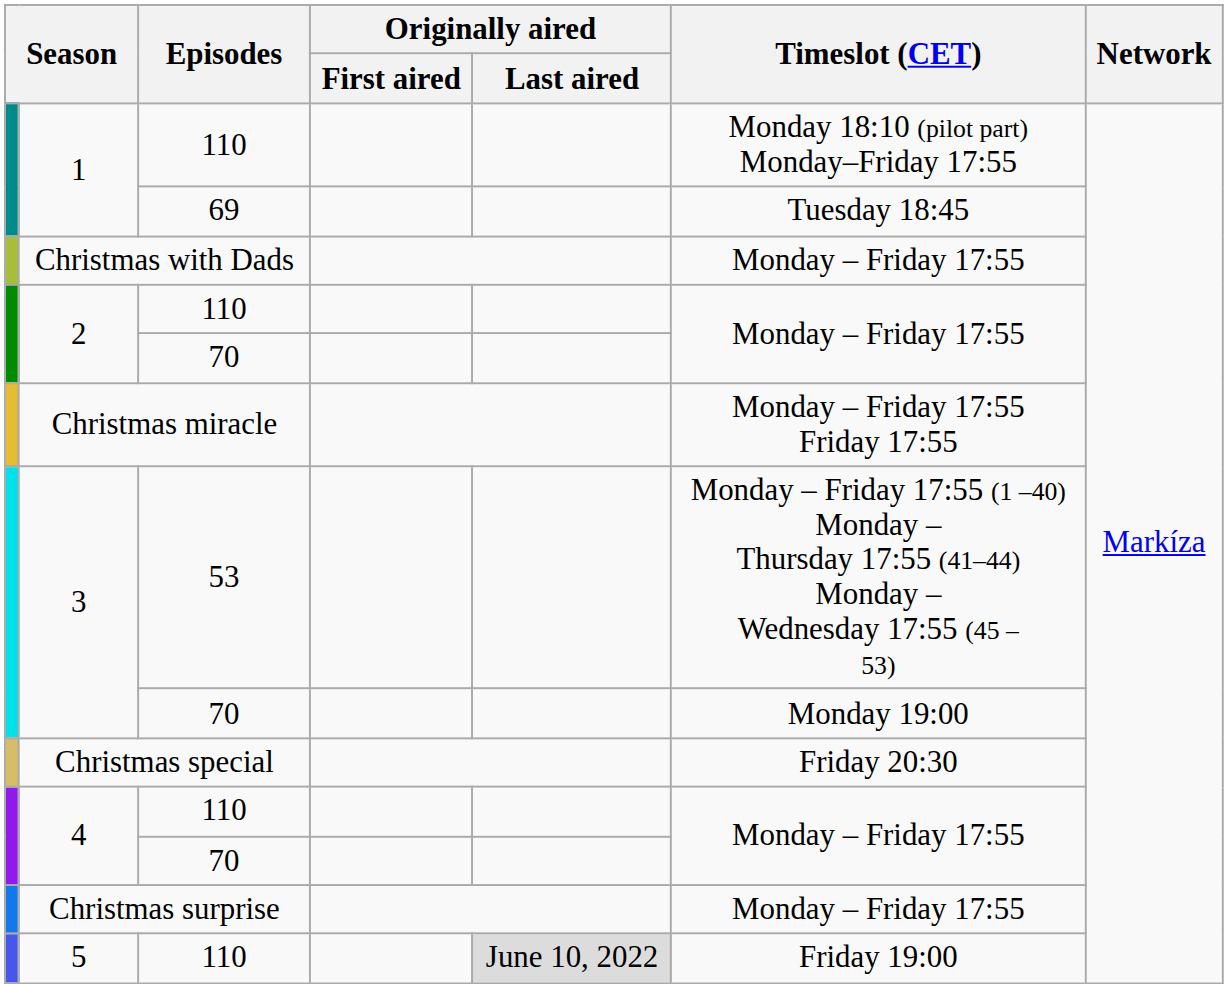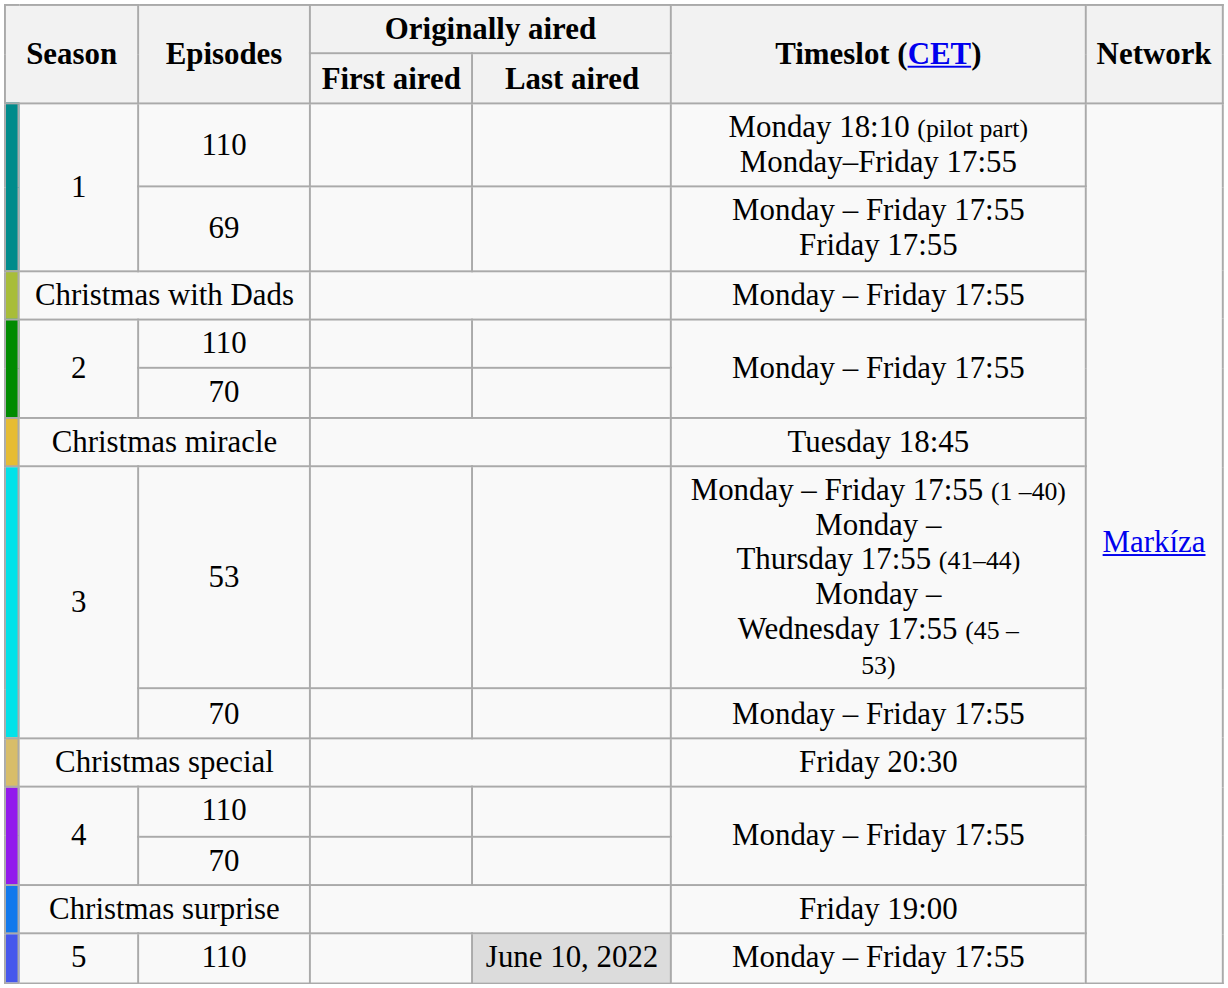 <table class="wikitable" style="width: 50%; text-align:center;">
 <tr>
 <th colspan="2" rowspan="2">Season</th>
 <th rowspan="2">Episodes</th>
 <th colspan="2">Originally aired</th>
 <th rowspan="2">Timeslot (<a href='#'>CET</a>)</th>
 <th rowspan="2">Network</th>
 </tr>
 <tr>
 <th>First aired</th>
 <th>Last aired</th>
 </tr>
 <tr>
 <td rowspan="2" style="background:#008B8B;"></td>
 <td rowspan="2">1</td>
 <td>110</td>
 <td></td>
 <td></td>
 <td>Monday 18:10 <small>(pilot part)</small><br>Monday–Friday 17:55</td>
 <td rowspan="13"><a href='#'>Markíza</a></td>
 </tr>
 <tr>
 <td>69</td>
 <td></td>
 <td></td>
-<td>Tuesday  18:45</td>
+<td>Monday – Friday 17:55<br>Friday 17:55</td>
 </tr>
 <tr>
 <td style="background:#A8BD39; width:1%;"></td>
 <td colspan="2">Christmas with Dads</td>
 <td colspan="2"></td>
 <td>Monday – Friday 17:55</td>
 </tr>
 <tr>
 <td rowspan="2" style="background:#008B00;"></td>
 <td rowspan="2">2</td>
 <td>110</td>
 <td></td>
 <td></td>
 <td rowspan="2">Monday – Friday 17:55</td>
 </tr>
 <tr>
 <td>70</td>
 <td></td>
 <td></td>
 </tr>
 <tr>
 <td style="background:#E6BC32; width:1%;"></td>
 <td colspan="2">Christmas miracle</td>
 <td colspan="2"></td>
-<td>Monday – Friday 17:55<br>Friday 17:55</td>
+<td>Tuesday  18:45</td>
 </tr>
 <tr>
 <td rowspan="2" style="background: #00E2E9; color: #000;"></td>
 <td rowspan="2">3</td>
 <td>53</td>
 <td></td>
 <td></td>
 <td rowspan="1">Monday – Friday 17:55 <small>(1 –40)</small><br>Monday –<br>Thursday 17:55 <small>(41–44)</small><br>Monday –<br>Wednesday 17:55 <small>(45 –</small><br><small>53)</small></td>
 </tr>
 <tr>
 <td>70</td>
 <td></td>
 <td></td>
-<td>Monday 19:00</td>
+<td>Monday – Friday 17:55</td>
 </tr>
 <tr>
 <td style="background:#D8BD69; width:1%;"></td>
 <td colspan="2">Christmas special</td>
 <td colspan="2"></td>
 <td>Friday 20:30</td>
 </tr>
 <tr>
 <td rowspan="2" style="background: #9219EC;"></td>
 <td rowspan="2">4</td>
 <td>110</td>
 <td></td>
 <td></td>
 <td rowspan="2">Monday – Friday 17:55</td>
 </tr>
 <tr>
 <td>70</td>
 <td></td>
 <td></td>
 </tr>
 <tr>
 <td style="background:#1279EC; width:1%;"></td>
 <td colspan="2">Christmas surprise</td>
 <td colspan="2"></td>
-<td>Monday – Friday 17:55</td>
+<td>Friday 19:00</td>
 </tr>
 <tr>
 <td rowspan="2" style="background: #4657EC;"></td>
 <td rowspan="2">5</td>
 <td>110</td>
 <td></td>
 <td style="background:#DCDCDC; colorwidth:#8080801%;">June 10, 2022</td>
-<td>Friday 19:00</td>
+<td>Monday – Friday 17:55</td>
 </tr>
 </table>
